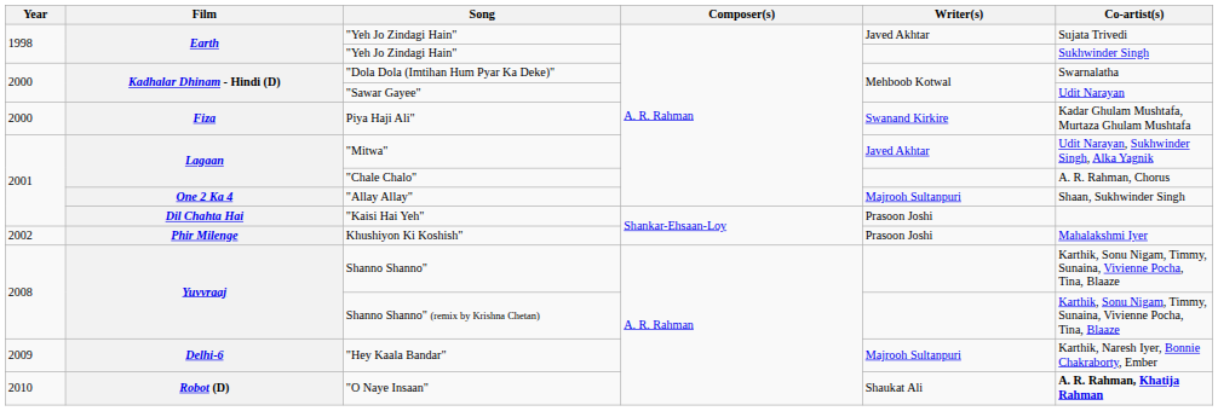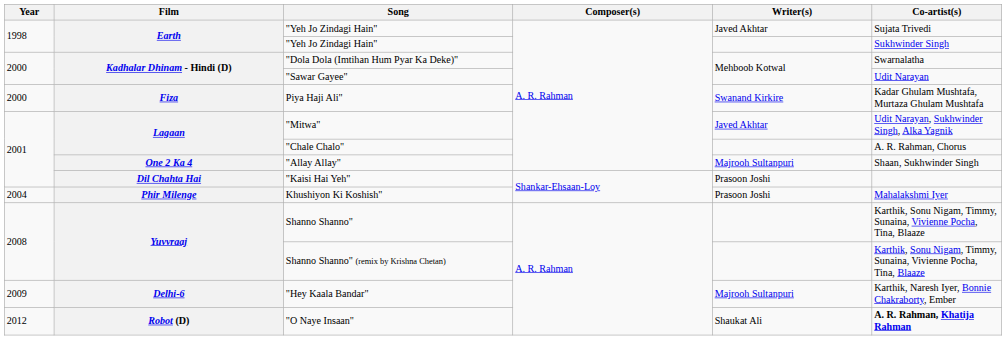 <table class="wikitable plainrowheaders" width="100%" textcolor:#000;">
 <tr style="background:#b0e0e66;">
 <th scope="col" width=5%><strong>Year</strong></th>
 <th scope="col" width=23%><strong>Film</strong></th>
 <th scope="col" width=23%><strong>Song</strong></th>
 <th scope="col" width=20%><strong>Composer(s)</strong></th>
 <th scope="col" width=16%><strong>Writer(s)</strong></th>
 <th scope="col" width=18%><strong>Co-artist(s)</strong></th>
 </tr>
 <tr>
 <td rowspan=2>1998</td>
 <th Rowspan=2><em><a href='#'>Earth</a></em></th>
 <td>"Yeh Jo Zindagi Hain"</td>
 <td rowspan=8><a href='#'>A. R. Rahman</a></td>
 <td>Javed Akhtar</td>
 <td>Sujata Trivedi</td>
 </tr>
 <tr>
 <td>"Yeh Jo Zindagi Hain"</td>
 <td></td>
 <td><a href='#'>Sukhwinder Singh</a></td>
 </tr>
 <tr>
 <td rowspan=2>2000</td>
 <th Rowspan=2><em><a href='#'>Kadhalar Dhinam</a></em> - Hindi (D)</th>
 <td>"Dola Dola (Imtihan Hum Pyar Ka Deke)"</td>
 <td rowspan=2>Mehboob Kotwal</td>
 <td>Swarnalatha</td>
 </tr>
 <tr>
 <td>"Sawar Gayee"</td>
 <td><a href='#'>Udit Narayan</a></td>
 </tr>
 <tr>
 <td>2000</td>
 <th><em><a href='#'>Fiza</a></em></th>
 <td>Piya Haji Ali"</td>
 <td><a href='#'>Swanand Kirkire</a></td>
 <td>Kadar Ghulam Mushtafa, Murtaza Ghulam Mushtafa</td>
 </tr>
 <tr>
 <td rowspan="4">2001</td>
 <th rowspan="2"><em><a href='#'>Lagaan</a></em></th>
 <td>"Mitwa"</td>
 <td><a href='#'>Javed Akhtar</a></td>
 <td><a href='#'>Udit Narayan</a>, <a href='#'>Sukhwinder Singh</a>, <a href='#'>Alka Yagnik</a></td>
 </tr>
 <tr>
 <td>"Chale Chalo"</td>
 <td></td>
 <td>A. R. Rahman, Chorus</td>
 </tr>
 <tr>
 <th><em><a href='#'>One 2 Ka 4</a></em></th>
 <td>"Allay Allay"</td>
 <td><a href='#'>Majrooh Sultanpuri</a></td>
 <td>Shaan, Sukhwinder Singh</td>
 </tr>
 <tr>
 <th><em><a href='#'>Dil Chahta Hai</a></em></th>
 <td>"Kaisi Hai Yeh"</td>
 <td rowspan="2"><a href='#'>Shankar-Ehsaan-Loy</a></td>
 <td>Prasoon Joshi</td>
 <td></td>
 </tr>
 <tr>
-<td>2002</td>
+<td>2004</td>
 <th><em><a href='#'>Phir Milenge</a></em></th>
 <td>Khushiyon Ki Koshish"</td>
 <td>Prasoon Joshi</td>
 <td><a href='#'>Mahalakshmi Iyer</a></td>
 </tr>
 <tr>
 <td rowspan=2>2008</td>
 <th Rowspan=2><em><a href='#'>Yuvvraaj</a></em></th>
 <td>Shanno Shanno"</td>
 <td rowspan="4"><a href='#'>A. R. Rahman</a></td>
 <td></td>
 <td>Karthik, Sonu Nigam, Timmy, Sunaina, <a href='#'>Vivienne Pocha</a>, Tina, Blaaze</td>
 </tr>
 <tr>
 <td>Shanno Shanno" <small>(remix by Krishna Chetan)</small></td>
 <td></td>
 <td><a href='#'>Karthik</a>, <a href='#'>Sonu Nigam</a>, Timmy, Sunaina, Vivienne Pocha, Tina, <a href='#'>Blaaze</a></td>
 </tr>
 <tr>
 <td>2009</td>
 <th><em><a href='#'>Delhi-6</a></em></th>
 <td>"Hey Kaala Bandar"</td>
 <td><a href='#'>Majrooh Sultanpuri</a></td>
 <td>Karthik, Naresh Iyer, <a href='#'>Bonnie Chakraborty</a>, Ember</td>
 </tr>
 <tr>
-<td>2010</td>
+<td>2012</td>
 <th><em><a href='#'>Robot</a></em> (D)</th>
 <td>"O Naye Insaan"</td>
 <td>Shaukat Ali</td>
 <td><strong>A. R. Rahman, <a href='#'>Khatija Rahman</a></strong></td>
 </tr>
 </table>
